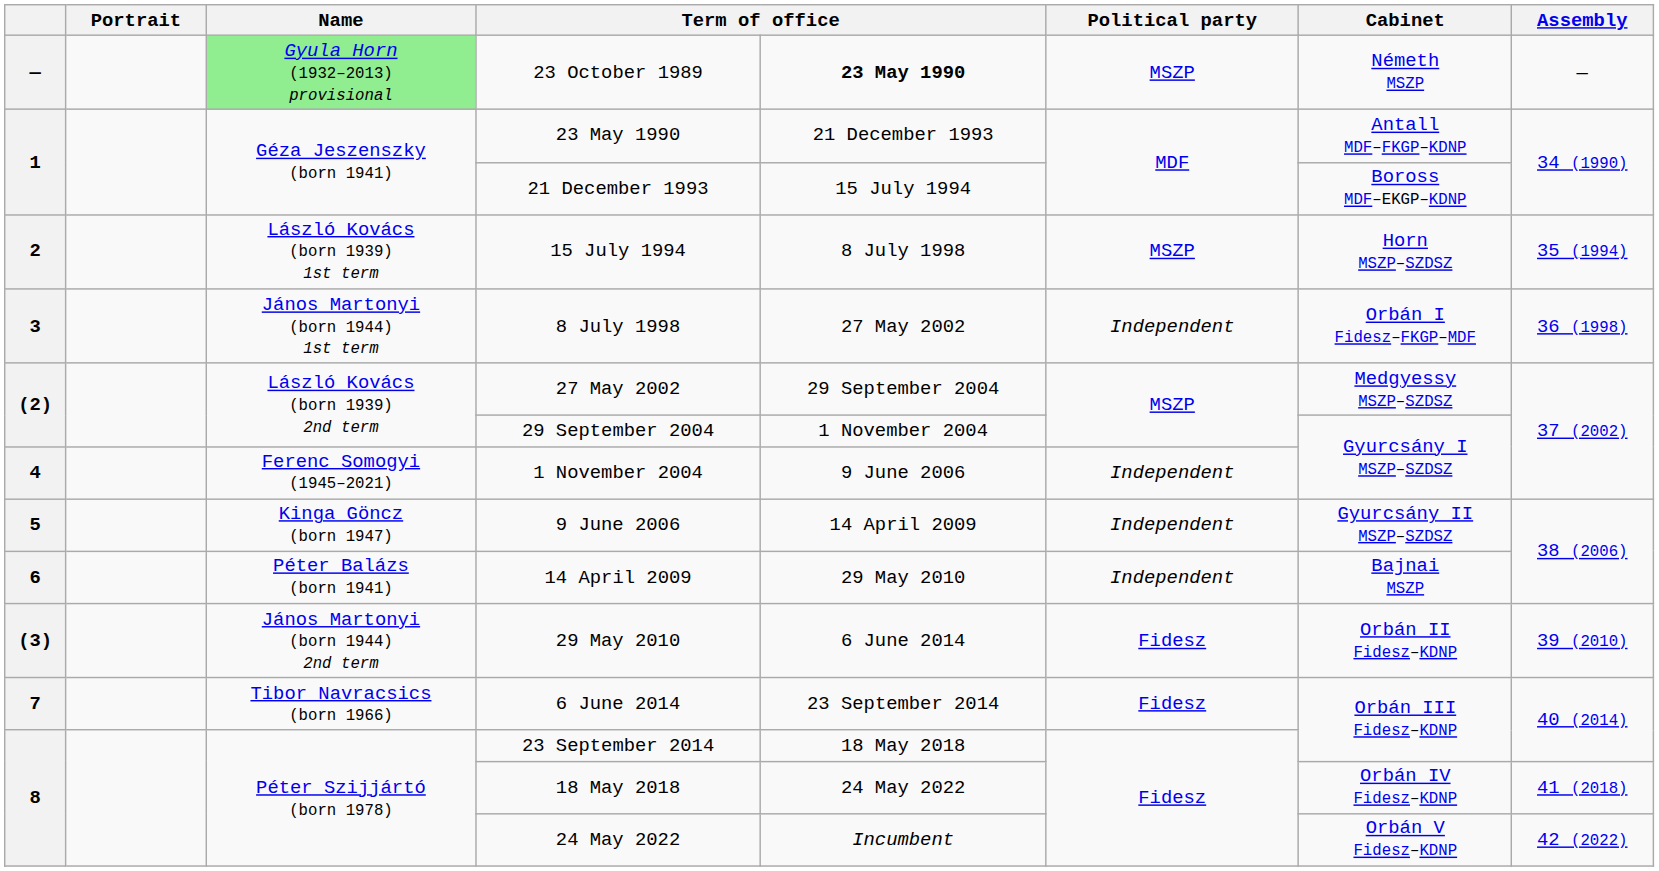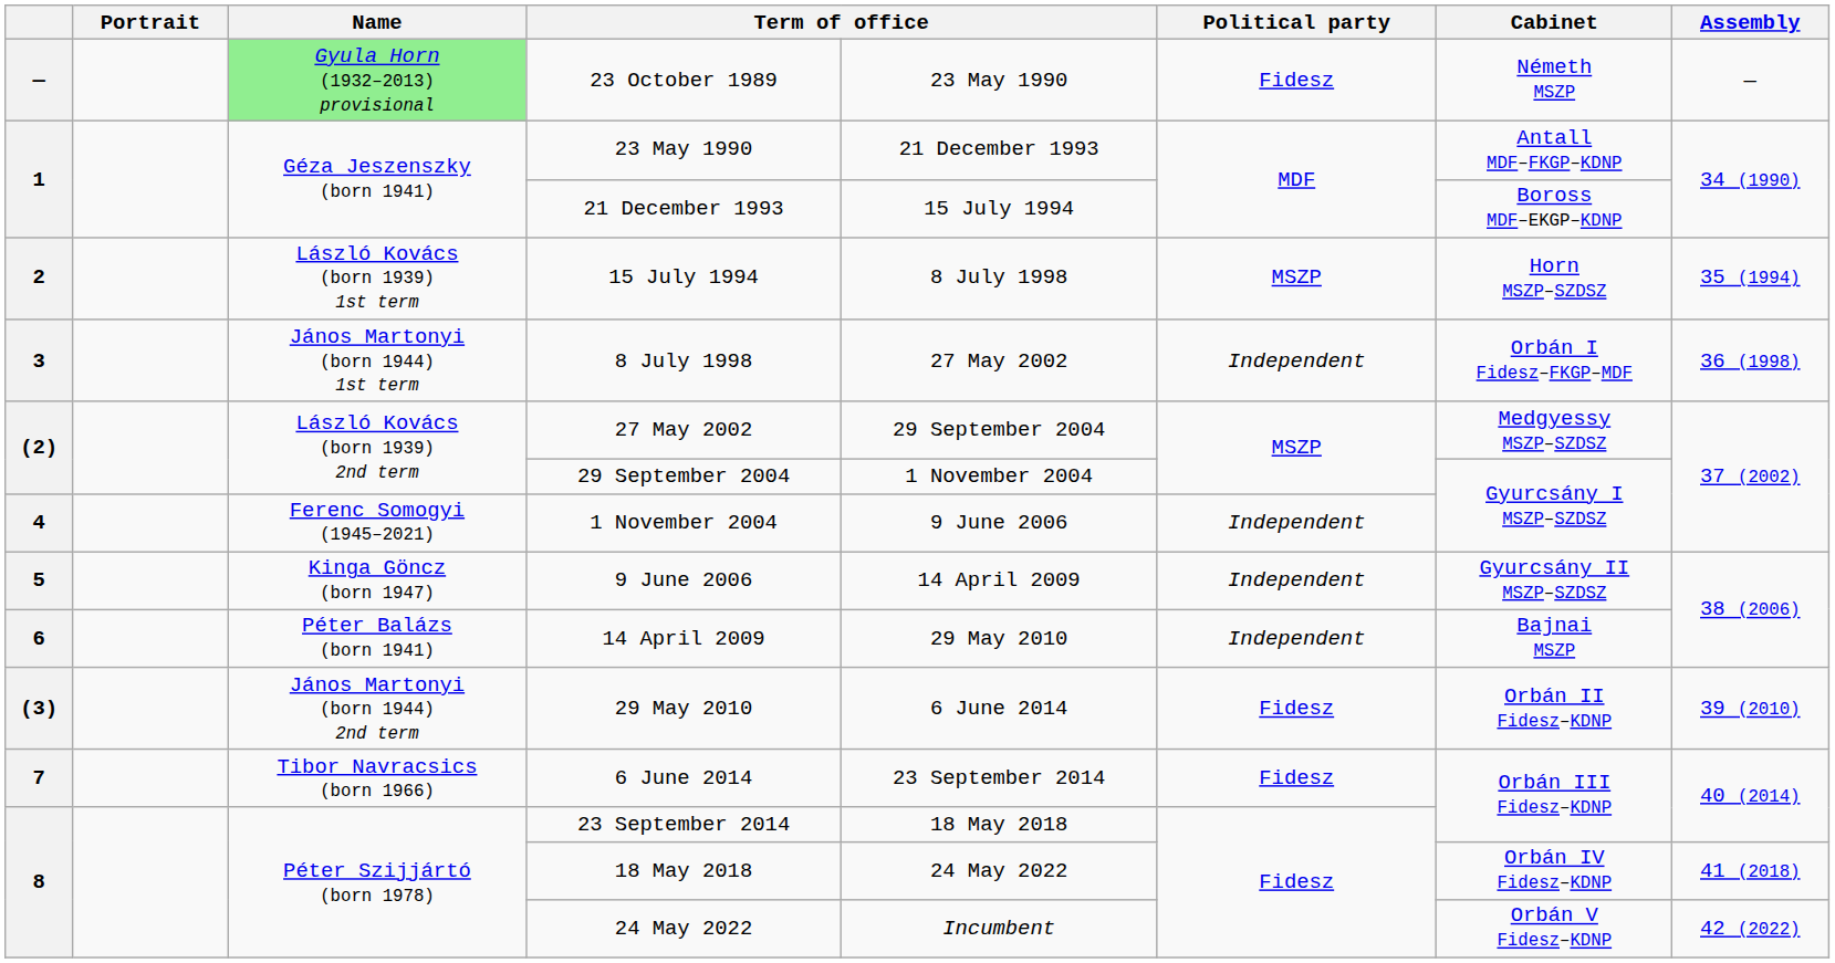 <table class="wikitable" style="width:90%; text-align:center;">
 <tr>
 <th></th>
 <th>Portrait</th>
 <th>Name<br></th>
 <th colspan=2>Term of office</th>
 <th>Political party</th>
 <th>Cabinet</th>
 <th><a href='#'>Assembly</a><br></th>
 </tr>
 <tr>
 <th style="background:">—</th>
 <td></td>
 <td style="background: lightgreen;"><em><a href='#'>Gyula Horn</a></em><br><small>(1932–2013)<br><em>provisional</em></small></td>
 <td>23 October 1989</td>
-<td><strong>23 May 1990</strong></td>
-<td><a href='#'>MSZP</a></td>
+<td>23 May 1990</td>
+<td><a href='#'>Fidesz</a></td>
 <td><a href='#'>Németh</a><br><small><a href='#'>MSZP</a></small></td>
 <td>—</td>
 </tr>
 <tr>
 <th rowspan="2" style="background:">1</th>
 <td rowspan="2"></td>
 <td rowspan="2"><a href='#'>Géza Jeszenszky</a><br><small>(born 1941)</small></td>
 <td>23 May 1990</td>
 <td>21 December 1993</td>
 <td rowspan="2"><a href='#'>MDF</a></td>
 <td><a href='#'>Antall</a><br><small><a href='#'>MDF</a>–<a href='#'>FKGP</a>–<a href='#'>KDNP</a></small></td>
 <td rowspan="2"><a href='#'>34 <small>(1990)</small></a></td>
 </tr>
 <tr>
 <td>21 December 1993</td>
 <td>15 July 1994</td>
 <td><a href='#'>Boross</a><br><small><a href='#'>MDF</a>–EKGP–<a href='#'>KDNP</a></small></td>
 </tr>
 <tr>
 <th style="background:">2</th>
 <td></td>
 <td><a href='#'>László Kovács</a><br><small>(born 1939)<br><em>1st term</em></small></td>
 <td>15 July 1994</td>
 <td>8 July 1998</td>
 <td><a href='#'>MSZP</a></td>
 <td><a href='#'>Horn</a><br><small><a href='#'>MSZP</a>–<a href='#'>SZDSZ</a></small></td>
 <td><a href='#'>35 <small>(1994)</small></a></td>
 </tr>
 <tr>
 <th style="background:">3</th>
 <td></td>
 <td><a href='#'>János Martonyi</a><br><small>(born 1944)<br><em>1st term</em></small></td>
 <td>8 July 1998</td>
 <td>27 May 2002</td>
 <td><em>Independent</em></td>
 <td><a href='#'>Orbán I</a><br><small><a href='#'>Fidesz</a>–<a href='#'>FKGP</a>–<a href='#'>MDF</a></small></td>
 <td><a href='#'>36 <small>(1998)</small></a></td>
 </tr>
 <tr>
 <th rowspan="2" style="background:">(2)</th>
 <td rowspan="2"></td>
 <td rowspan="2"><a href='#'>László Kovács</a><br><small>(born 1939)<br><em>2nd term</em></small></td>
 <td>27 May 2002</td>
 <td>29 September 2004</td>
 <td rowspan="2"><a href='#'>MSZP</a></td>
 <td><a href='#'>Medgyessy</a><br><small><a href='#'>MSZP</a>–<a href='#'>SZDSZ</a></small></td>
 <td rowspan="3"><a href='#'>37 <small>(2002)</small></a></td>
 </tr>
 <tr>
 <td>29 September 2004</td>
 <td>1 November 2004</td>
 <td rowspan="2"><a href='#'>Gyurcsány I</a><br><small><a href='#'>MSZP</a>–<a href='#'>SZDSZ</a></small></td>
 </tr>
 <tr>
 <th style="background:">4</th>
 <td></td>
 <td><a href='#'>Ferenc Somogyi</a><br><small>(1945–2021)</small></td>
 <td>1 November 2004</td>
 <td>9 June 2006</td>
 <td><em>Independent</em></td>
 </tr>
 <tr>
 <th style="background:">5</th>
 <td></td>
 <td><a href='#'>Kinga Göncz</a><br><small>(born 1947)</small></td>
 <td>9 June 2006</td>
 <td>14 April 2009</td>
 <td><em>Independent</em></td>
 <td><a href='#'>Gyurcsány II</a><br><small><a href='#'>MSZP</a>–<a href='#'>SZDSZ</a></small></td>
 <td rowspan="2"><a href='#'>38 <small>(2006)</small></a></td>
 </tr>
 <tr>
 <th style="background:">6</th>
 <td></td>
 <td><a href='#'>Péter Balázs</a><br><small>(born 1941)</small></td>
 <td>14 April 2009</td>
 <td>29 May 2010</td>
 <td><em>Independent</em></td>
 <td><a href='#'>Bajnai</a><br><small><a href='#'>MSZP</a></small></td>
 </tr>
 <tr>
 <th style="background:">(3)</th>
 <td></td>
 <td><a href='#'>János Martonyi</a><br><small>(born 1944)<br><em>2nd term</em></small></td>
 <td>29 May 2010</td>
 <td>6 June 2014</td>
 <td><a href='#'>Fidesz</a></td>
 <td><a href='#'>Orbán II</a><br><small><a href='#'>Fidesz</a>–<a href='#'>KDNP</a></small></td>
 <td><a href='#'>39 <small>(2010)</small></a></td>
 </tr>
 <tr>
 <th style="background:">7</th>
 <td></td>
 <td><a href='#'>Tibor Navracsics</a><br><small>(born 1966)</small></td>
 <td>6 June 2014</td>
 <td>23 September 2014</td>
 <td><a href='#'>Fidesz</a></td>
 <td rowspan="2"><a href='#'>Orbán III</a><br><small><a href='#'>Fidesz</a>–<a href='#'>KDNP</a></small></td>
 <td rowspan="2"><a href='#'>40 <small>(2014)</small></a></td>
 </tr>
 <tr>
 <th rowspan="3" style="background:">8</th>
 <td rowspan="3"></td>
 <td rowspan="3"><a href='#'>Péter Szijjártó</a><br><small>(born 1978)</small></td>
 <td>23 September 2014</td>
 <td>18 May 2018</td>
 <td rowspan="3"><a href='#'>Fidesz</a></td>
 </tr>
 <tr>
 <td>18 May 2018</td>
 <td>24 May 2022</td>
 <td><a href='#'>Orbán IV</a><br><small><a href='#'>Fidesz</a>–<a href='#'>KDNP</a></small></td>
 <td><a href='#'>41 <small>(2018)</small></a></td>
 </tr>
 <tr>
 <td>24 May 2022</td>
 <td><em>Incumbent</em></td>
 <td><a href='#'>Orbán V</a><br><small><a href='#'>Fidesz</a>–<a href='#'>KDNP</a></small></td>
 <td><a href='#'>42 <small>(2022)</small></a></td>
 </tr>
 </table>
